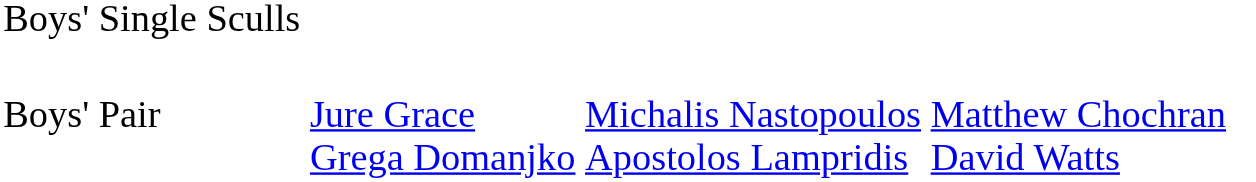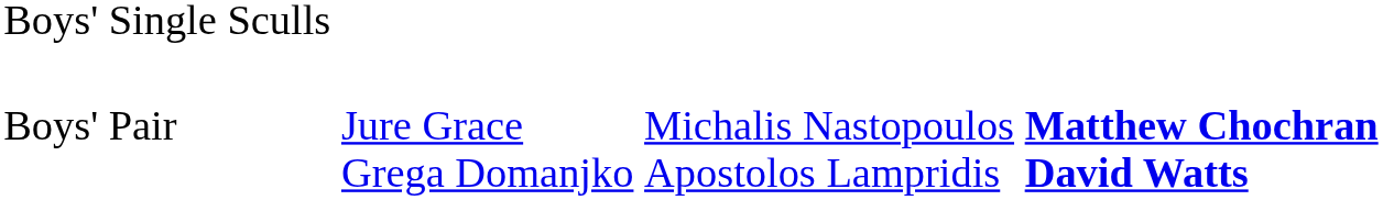 <table>
 <tr>
 <td>Boys' Single Sculls<br></td>
 <td></td>
 <td></td>
 <td></td>
 </tr>
 <tr>
 <td>Boys' Pair<br></td>
 <td><br><a href='#'>Jure Grace</a><br><a href='#'>Grega Domanjko</a></td>
 <td><br><a href='#'>Michalis Nastopoulos</a><br><a href='#'>Apostolos Lampridis</a></td>
-<td><br><a href='#'>Matthew Chochran</a><br><a href='#'>David Watts</a></td>
+<td><strong><br><a href='#'>Matthew Chochran</a><br><a href='#'>David Watts</a></strong></td>
 </tr>
 <tr>
 </tr>
 </table>
